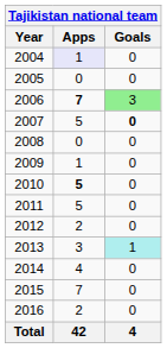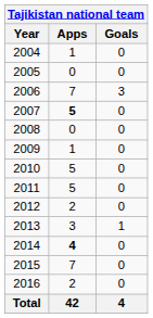 <table class="wikitable" style="text-align:center">
 <tr>
 <th colspan=3><a href='#'>Tajikistan national team</a></th>
 </tr>
 <tr>
 <th>Year</th>
 <th>Apps</th>
 <th>Goals</th>
 </tr>
 <tr>
 <td>2004</td>
-<td style="background: lavender;">1</td>
+<td>1</td>
 <td>0</td>
 </tr>
 <tr>
 <td>2005</td>
 <td>0</td>
 <td>0</td>
 </tr>
 <tr>
 <td>2006</td>
-<td><strong>7</strong></td>
-<td style="background: lightgreen;">3</td>
+<td>7</td>
+<td>3</td>
 </tr>
 <tr>
 <td>2007</td>
-<td>5</td>
-<td><strong>0</strong></td>
+<td><strong>5</strong></td>
+<td>0</td>
 </tr>
 <tr>
 <td>2008</td>
 <td>0</td>
 <td>0</td>
 </tr>
 <tr>
 <td>2009</td>
 <td>1</td>
 <td>0</td>
 </tr>
 <tr>
 <td>2010</td>
-<td><strong>5</strong></td>
+<td>5</td>
 <td>0</td>
 </tr>
 <tr>
 <td>2011</td>
 <td>5</td>
 <td>0</td>
 </tr>
 <tr>
 <td>2012</td>
 <td>2</td>
 <td>0</td>
 </tr>
 <tr>
 <td>2013</td>
 <td>3</td>
-<td style="background: paleturquoise;">1</td>
+<td>1</td>
 </tr>
 <tr>
 <td>2014</td>
-<td>4</td>
+<td><strong>4</strong></td>
 <td>0</td>
 </tr>
 <tr>
 <td>2015</td>
 <td>7</td>
 <td>0</td>
 </tr>
 <tr>
 <td>2016</td>
 <td>2</td>
 <td>0</td>
 </tr>
 <tr>
 <th>Total</th>
 <th>42</th>
 <th>4</th>
 </tr>
 </table>
